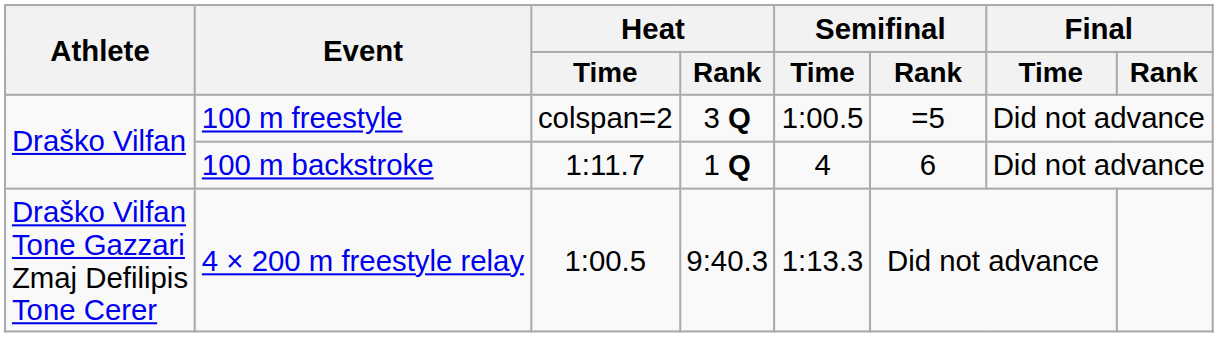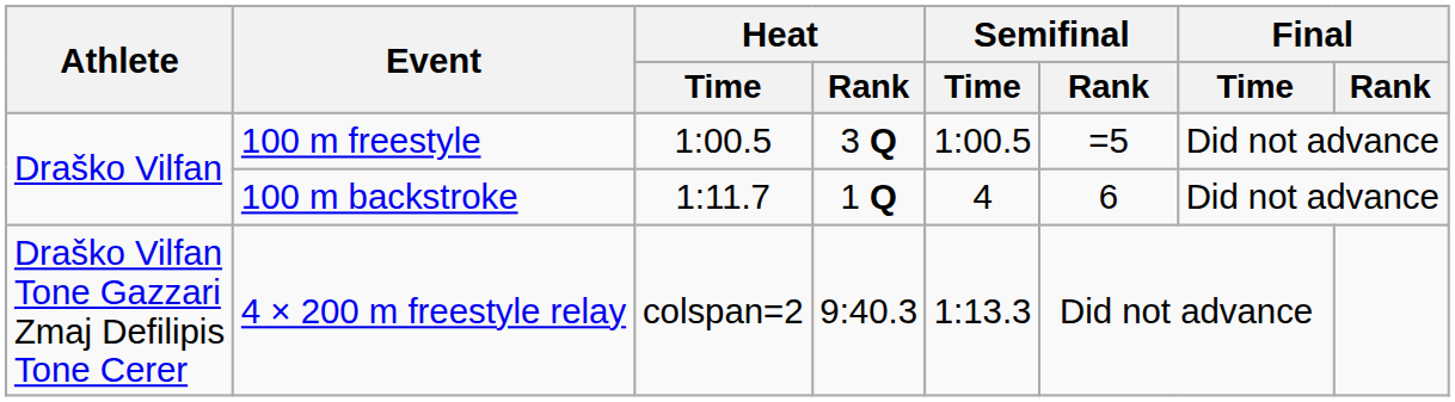 <table class=wikitable style="font-size:90%;">
 <tr>
 <th rowspan=2>Athlete</th>
 <th rowspan=2>Event</th>
 <th colspan=2>Heat</th>
 <th colspan=2>Semifinal</th>
 <th colspan=2>Final</th>
 </tr>
 <tr style="font-size:95%">
 <th>Time</th>
 <th>Rank</th>
 <th>Time</th>
 <th>Rank</th>
 <th>Time</th>
 <th>Rank</th>
 </tr>
 <tr align=center>
 <td rowspan=2 align=left><a href='#'>Draško Vilfan</a></td>
 <td align=left><a href='#'>100 m freestyle</a></td>
-<td>colspan=2 </td>
+<td>1:00.5</td>
 <td>3 <strong>Q</strong></td>
 <td>1:00.5</td>
 <td>=5</td>
 <td colspan=2>Did not advance</td>
 </tr>
 <tr align=center>
 <td align=left><a href='#'>100 m backstroke</a></td>
 <td>1:11.7</td>
 <td>1 <strong>Q</strong></td>
 <td>4</td>
 <td>6</td>
 <td colspan=2>Did not advance</td>
 </tr>
 <tr align=center>
 <td rowspan=2 align=left><a href='#'>Draško Vilfan</a><br><a href='#'>Tone Gazzari</a><br>Zmaj Defilipis<br><a href='#'>Tone Cerer</a></td>
 <td align=left><a href='#'>4 × 200 m freestyle relay</a></td>
-<td>1:00.5</td>
+<td>colspan=2 </td>
 <td>9:40.3</td>
 <td>1:13.3</td>
 <td colspan=2>Did not advance</td>
 </tr>
 </table>
